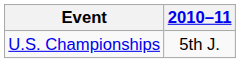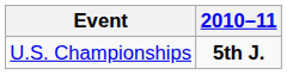 <table class="wikitable" style="text-align:center">
 <tr>
 <th>Event</th>
 <th><a href='#'>2010–11</a></th>
 </tr>
 <tr>
 <td align=left><a href='#'>U.S. Championships</a></td>
-<td>5th J.</td>
+<td><strong>5th J.</strong></td>
 </tr>
 </table>
